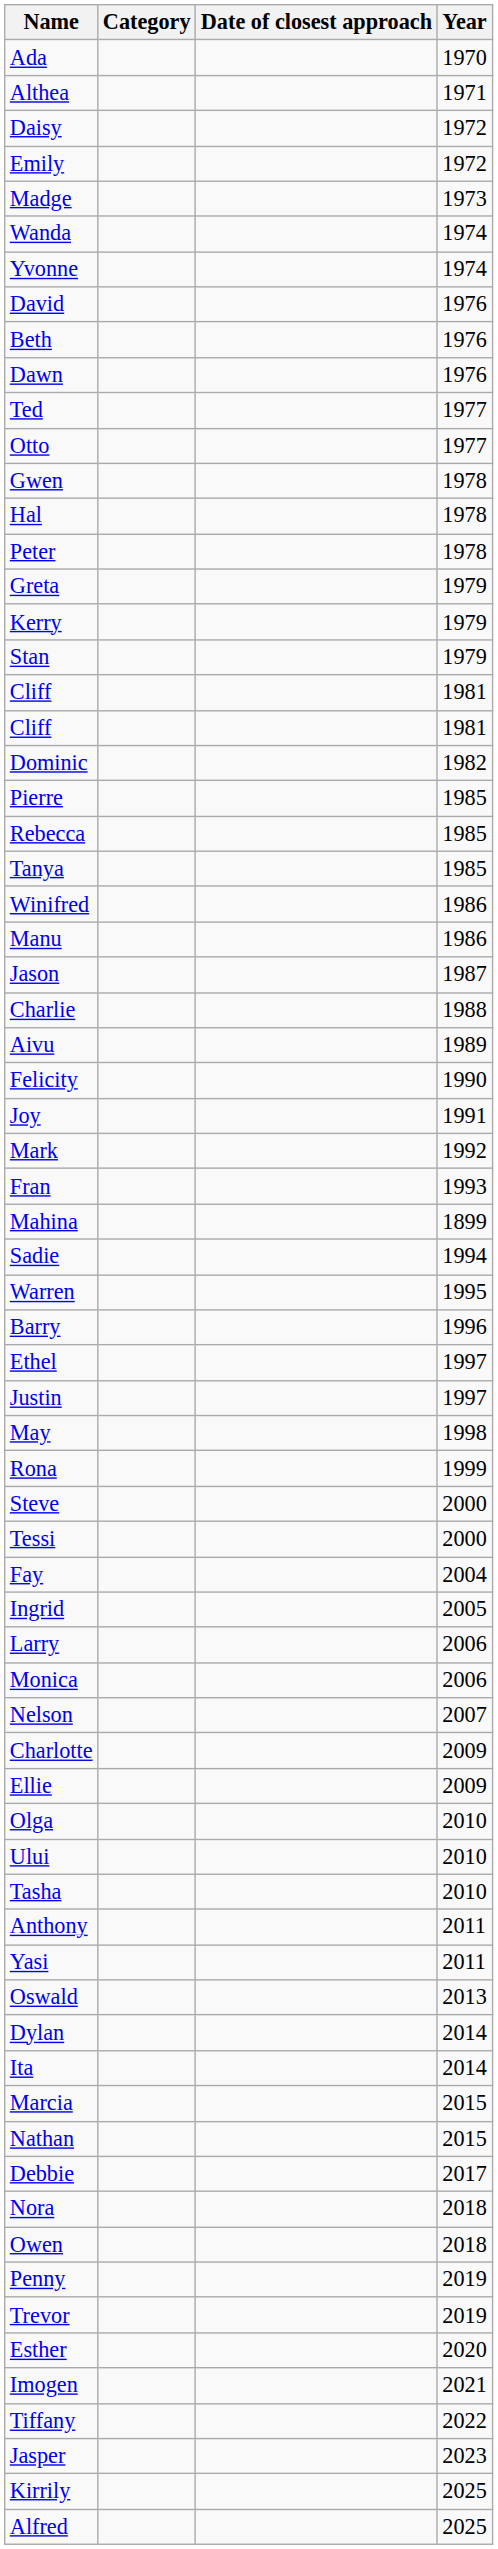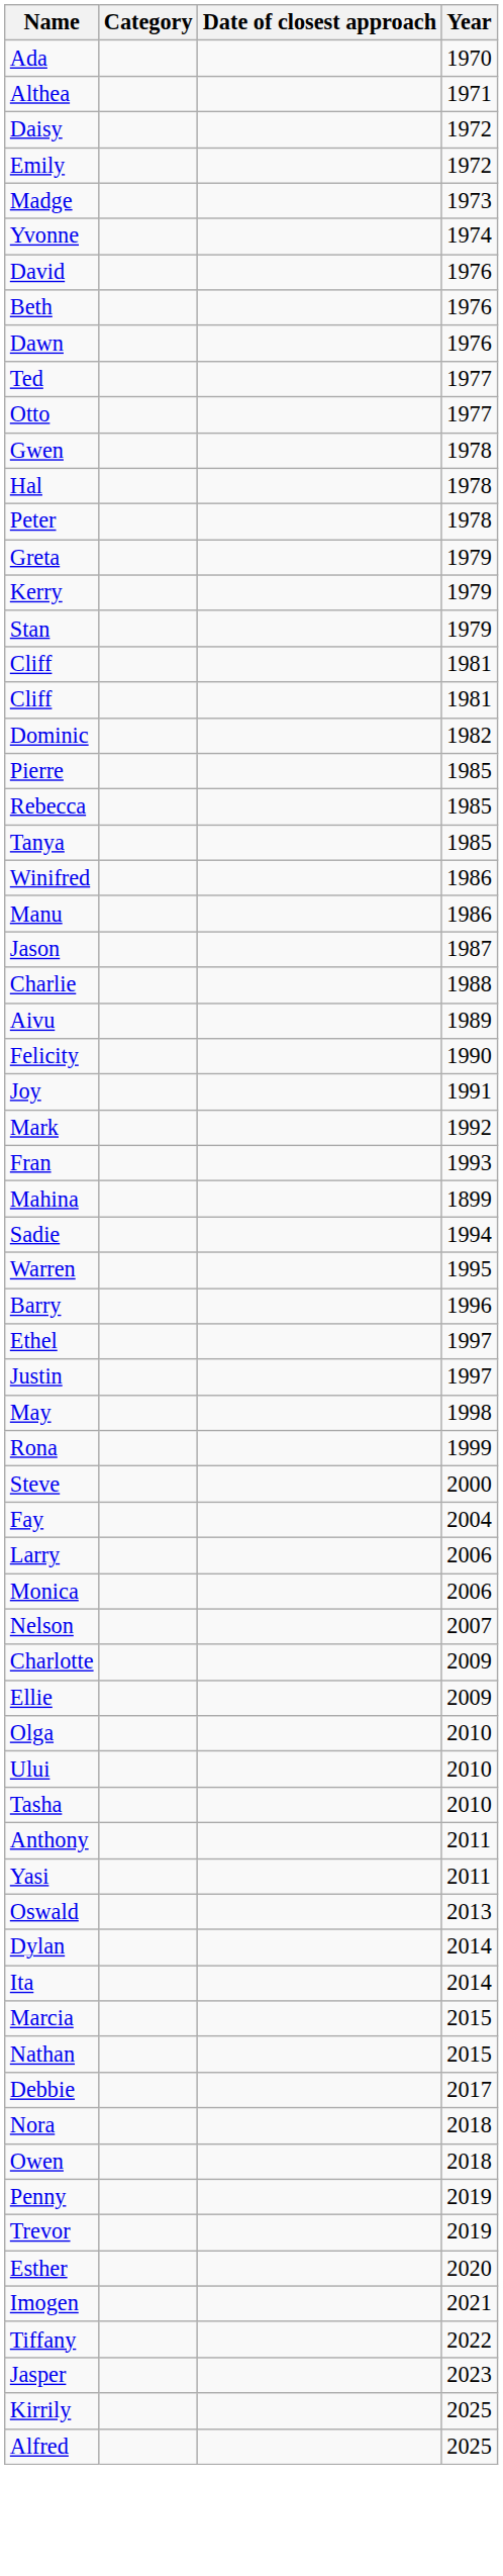 <table class = "wikitable">
 <tr>
 <th>Name</th>
 <th>Category</th>
 <th>Date of closest approach</th>
 <th>Year</th>
 </tr>
 <tr>
 <td><a href='#'>Ada</a></td>
 <td></td>
 <td></td>
 <td>1970</td>
 </tr>
 <tr>
 <td><a href='#'>Althea</a></td>
 <td></td>
 <td></td>
 <td>1971</td>
 </tr>
 <tr>
 <td><a href='#'>Daisy</a></td>
 <td></td>
 <td></td>
 <td>1972</td>
 </tr>
 <tr>
 <td><a href='#'>Emily</a></td>
 <td></td>
 <td></td>
 <td>1972</td>
 </tr>
 <tr>
 <td><a href='#'>Madge</a></td>
 <td></td>
 <td></td>
 <td>1973</td>
-</tr>
-<tr>
-<td><a href='#'>Wanda</a></td>
-<td></td>
-<td></td>
-<td>1974</td>
 </tr>
 <tr>
 <td><a href='#'>Yvonne</a></td>
 <td></td>
 <td></td>
 <td>1974</td>
 </tr>
 <tr>
 <td><a href='#'>David</a></td>
 <td></td>
 <td></td>
 <td>1976</td>
 </tr>
 <tr>
 <td><a href='#'>Beth</a></td>
 <td></td>
 <td></td>
 <td>1976</td>
 </tr>
 <tr>
 <td><a href='#'>Dawn</a></td>
 <td></td>
 <td></td>
 <td>1976</td>
 </tr>
 <tr>
 <td><a href='#'>Ted</a></td>
 <td></td>
 <td></td>
 <td>1977</td>
 </tr>
 <tr>
 <td><a href='#'>Otto</a></td>
 <td></td>
 <td></td>
 <td>1977</td>
 </tr>
 <tr>
 <td><a href='#'>Gwen</a></td>
 <td></td>
 <td></td>
 <td>1978</td>
 </tr>
 <tr>
 <td><a href='#'>Hal</a></td>
 <td></td>
 <td></td>
 <td>1978</td>
 </tr>
 <tr>
 <td><a href='#'>Peter</a></td>
 <td></td>
 <td></td>
 <td>1978</td>
 </tr>
 <tr>
 <td><a href='#'>Greta</a></td>
 <td></td>
 <td></td>
 <td>1979</td>
 </tr>
 <tr>
 <td><a href='#'>Kerry</a></td>
 <td></td>
 <td></td>
 <td>1979</td>
 </tr>
 <tr>
 <td><a href='#'>Stan</a></td>
 <td></td>
 <td></td>
 <td>1979</td>
 </tr>
 <tr>
 <td><a href='#'>Cliff</a></td>
 <td></td>
 <td></td>
 <td>1981</td>
 </tr>
 <tr>
 <td><a href='#'>Cliff</a></td>
 <td></td>
 <td></td>
 <td>1981</td>
 </tr>
 <tr>
 <td><a href='#'>Dominic</a></td>
 <td></td>
 <td></td>
 <td>1982</td>
 </tr>
 <tr>
 <td><a href='#'>Pierre</a></td>
 <td></td>
 <td></td>
 <td>1985</td>
 </tr>
 <tr>
 <td><a href='#'>Rebecca</a></td>
 <td></td>
 <td></td>
 <td>1985</td>
 </tr>
 <tr>
 <td><a href='#'>Tanya</a></td>
 <td></td>
 <td></td>
 <td>1985</td>
 </tr>
 <tr>
 <td><a href='#'>Winifred</a></td>
 <td></td>
 <td></td>
 <td>1986</td>
 </tr>
 <tr>
 <td><a href='#'>Manu</a></td>
 <td></td>
 <td></td>
 <td>1986</td>
 </tr>
 <tr>
 <td><a href='#'>Jason</a></td>
 <td></td>
 <td></td>
 <td>1987</td>
 </tr>
 <tr>
 <td><a href='#'>Charlie</a></td>
 <td></td>
 <td></td>
 <td>1988</td>
 </tr>
 <tr>
 <td><a href='#'>Aivu</a></td>
 <td></td>
 <td></td>
 <td>1989</td>
 </tr>
 <tr>
 <td><a href='#'>Felicity</a></td>
 <td></td>
 <td></td>
 <td>1990</td>
 </tr>
 <tr>
 <td><a href='#'>Joy</a></td>
 <td></td>
 <td></td>
 <td>1991</td>
 </tr>
 <tr>
 <td><a href='#'>Mark</a></td>
 <td></td>
 <td></td>
 <td>1992</td>
 </tr>
 <tr>
 <td><a href='#'>Fran</a></td>
 <td></td>
 <td></td>
 <td>1993</td>
 </tr>
 <tr>
 <td><a href='#'>Mahina</a></td>
 <td></td>
 <td></td>
 <td>1899</td>
 </tr>
 <tr>
 <td><a href='#'>Sadie</a></td>
 <td></td>
 <td></td>
 <td>1994</td>
 </tr>
 <tr>
 <td><a href='#'>Warren</a></td>
 <td></td>
 <td></td>
 <td>1995</td>
 </tr>
 <tr>
 <td><a href='#'>Barry</a></td>
 <td></td>
 <td></td>
 <td>1996</td>
 </tr>
 <tr>
 <td><a href='#'>Ethel</a></td>
 <td></td>
 <td></td>
 <td>1997</td>
 </tr>
 <tr>
 <td><a href='#'>Justin</a></td>
 <td></td>
 <td></td>
 <td>1997</td>
 </tr>
 <tr>
 <td><a href='#'>May</a></td>
 <td></td>
 <td></td>
 <td>1998</td>
 </tr>
 <tr>
 <td><a href='#'>Rona</a></td>
 <td></td>
 <td></td>
 <td>1999</td>
 </tr>
 <tr>
 <td><a href='#'>Steve</a></td>
 <td></td>
 <td></td>
 <td>2000</td>
 </tr>
 <tr>
-<td><a href='#'>Tessi</a></td>
-<td></td>
-<td></td>
-<td>2000</td>
-</tr>
-<tr>
 <td><a href='#'>Fay</a></td>
 <td></td>
 <td></td>
 <td>2004</td>
-</tr>
-<tr>
-<td><a href='#'>Ingrid</a></td>
-<td></td>
-<td></td>
-<td>2005</td>
 </tr>
 <tr>
 <td><a href='#'>Larry</a></td>
 <td></td>
 <td></td>
 <td>2006</td>
 </tr>
 <tr>
 <td><a href='#'>Monica</a></td>
 <td></td>
 <td></td>
 <td>2006</td>
 </tr>
 <tr>
 <td><a href='#'>Nelson</a></td>
 <td></td>
 <td></td>
 <td>2007</td>
 </tr>
 <tr>
 <td><a href='#'>Charlotte</a></td>
 <td></td>
 <td></td>
 <td>2009</td>
 </tr>
 <tr>
 <td><a href='#'>Ellie</a></td>
 <td></td>
 <td></td>
 <td>2009</td>
 </tr>
 <tr>
 <td><a href='#'>Olga</a></td>
 <td></td>
 <td></td>
 <td>2010</td>
 </tr>
 <tr>
 <td><a href='#'>Ului</a></td>
 <td></td>
 <td></td>
 <td>2010</td>
 </tr>
 <tr>
 <td><a href='#'>Tasha</a></td>
 <td></td>
 <td></td>
 <td>2010</td>
 </tr>
 <tr>
 <td><a href='#'>Anthony</a></td>
 <td></td>
 <td></td>
 <td>2011</td>
 </tr>
 <tr>
 <td><a href='#'>Yasi</a></td>
 <td></td>
 <td></td>
 <td>2011</td>
 </tr>
 <tr>
 <td><a href='#'>Oswald</a></td>
 <td></td>
 <td></td>
 <td>2013</td>
 </tr>
 <tr>
 <td><a href='#'>Dylan</a></td>
 <td></td>
 <td></td>
 <td>2014</td>
 </tr>
 <tr>
 <td><a href='#'>Ita</a></td>
 <td></td>
 <td></td>
 <td>2014</td>
 </tr>
 <tr>
 <td><a href='#'>Marcia</a></td>
 <td></td>
 <td></td>
 <td>2015</td>
 </tr>
 <tr>
 <td><a href='#'>Nathan</a></td>
 <td></td>
 <td></td>
 <td>2015</td>
 </tr>
 <tr>
 <td><a href='#'>Debbie</a></td>
 <td></td>
 <td></td>
 <td>2017</td>
 </tr>
 <tr>
 <td><a href='#'>Nora</a></td>
 <td></td>
 <td></td>
 <td>2018</td>
 </tr>
 <tr>
 <td><a href='#'>Owen</a></td>
 <td></td>
 <td></td>
 <td>2018</td>
 </tr>
 <tr>
 <td><a href='#'>Penny</a></td>
 <td></td>
 <td></td>
 <td>2019</td>
 </tr>
 <tr>
 <td><a href='#'>Trevor</a></td>
 <td></td>
 <td></td>
 <td>2019</td>
 </tr>
 <tr>
 <td><a href='#'>Esther</a></td>
 <td></td>
 <td></td>
 <td>2020</td>
 </tr>
 <tr>
 <td><a href='#'>Imogen</a></td>
 <td></td>
 <td></td>
 <td>2021</td>
 </tr>
 <tr>
 <td><a href='#'>Tiffany</a></td>
 <td></td>
 <td></td>
 <td>2022</td>
 </tr>
 <tr>
 <td><a href='#'>Jasper</a></td>
 <td></td>
 <td></td>
 <td>2023</td>
 </tr>
 <tr>
 <td><a href='#'>Kirrily</a></td>
 <td></td>
 <td></td>
 <td>2025</td>
 </tr>
 <tr>
 <td><a href='#'>Alfred</a></td>
 <td></td>
 <td></td>
 <td>2025</td>
 </tr>
 </table>
